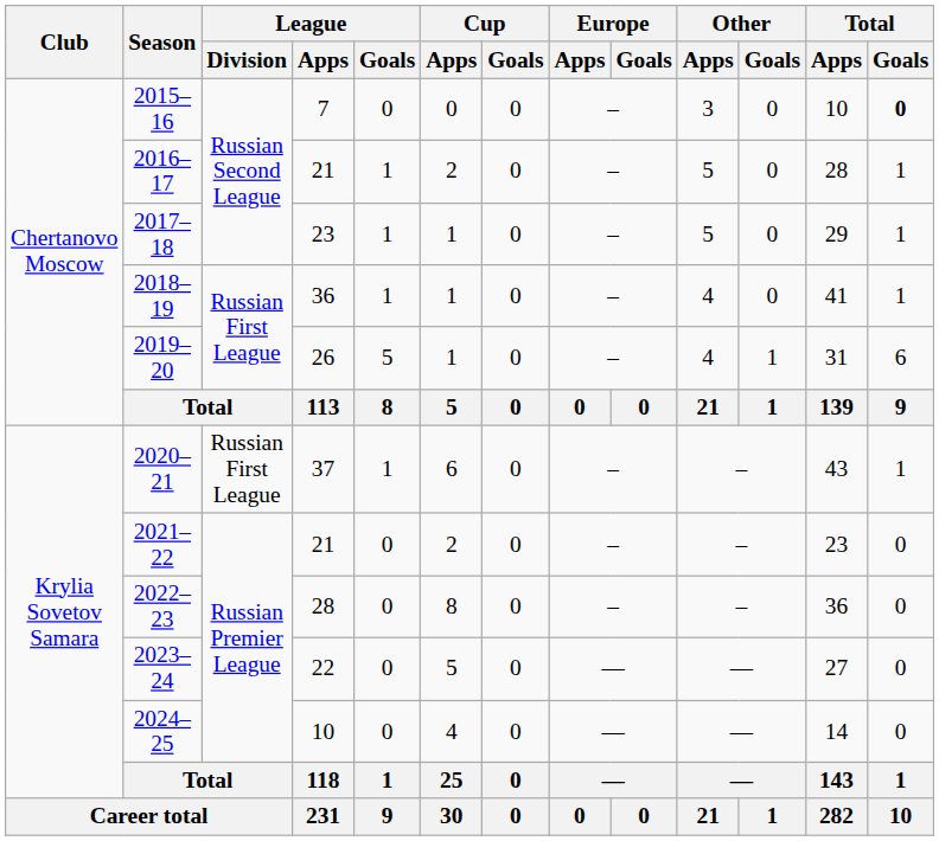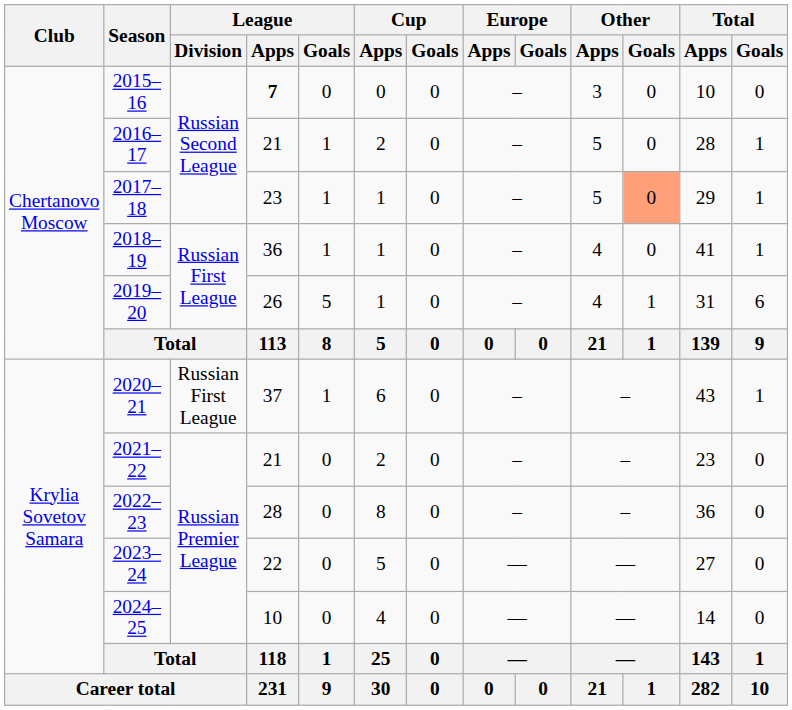 <table class="wikitable" style="text-align: center;">
 <tr>
 <th rowspan="2">Club</th>
 <th rowspan="2">Season</th>
 <th colspan="3">League</th>
 <th colspan="2">Cup</th>
 <th colspan="2">Europe</th>
 <th colspan="2">Other</th>
 <th colspan="2">Total</th>
 </tr>
 <tr>
 <th>Division</th>
 <th>Apps</th>
 <th>Goals</th>
 <th>Apps</th>
 <th>Goals</th>
 <th>Apps</th>
 <th>Goals</th>
 <th>Apps</th>
 <th>Goals</th>
 <th>Apps</th>
 <th>Goals</th>
 </tr>
 <tr>
 <td rowspan="6"><a href='#'>Chertanovo Moscow</a></td>
 <td><a href='#'>2015–16</a></td>
 <td rowspan="3"><a href='#'>Russian Second League</a></td>
-<td>7</td>
+<td><strong>7</strong></td>
 <td>0</td>
 <td>0</td>
 <td>0</td>
 <td colspan=2>–</td>
 <td>3</td>
 <td>0</td>
 <td>10</td>
-<td><strong>0</strong></td>
+<td>0</td>
 </tr>
 <tr>
 <td><a href='#'>2016–17</a></td>
 <td>21</td>
 <td>1</td>
 <td>2</td>
 <td>0</td>
 <td colspan=2>–</td>
 <td>5</td>
 <td>0</td>
 <td>28</td>
 <td>1</td>
 </tr>
 <tr>
 <td><a href='#'>2017–18</a></td>
 <td>23</td>
 <td>1</td>
 <td>1</td>
 <td>0</td>
 <td colspan=2>–</td>
 <td>5</td>
-<td>0</td>
+<td style="background: lightsalmon;">0</td>
 <td>29</td>
 <td>1</td>
 </tr>
 <tr>
 <td><a href='#'>2018–19</a></td>
 <td rowspan="2"><a href='#'>Russian First League</a></td>
 <td>36</td>
 <td>1</td>
 <td>1</td>
 <td>0</td>
 <td colspan=2>–</td>
 <td>4</td>
 <td>0</td>
 <td>41</td>
 <td>1</td>
 </tr>
 <tr>
 <td><a href='#'>2019–20</a></td>
 <td>26</td>
 <td>5</td>
 <td>1</td>
 <td>0</td>
 <td colspan=2>–</td>
 <td>4</td>
 <td>1</td>
 <td>31</td>
 <td>6</td>
 </tr>
 <tr>
 <th colspan=2>Total</th>
 <th>113</th>
 <th>8</th>
 <th>5</th>
 <th>0</th>
 <th>0</th>
 <th>0</th>
 <th>21</th>
 <th>1</th>
 <th>139</th>
 <th>9</th>
 </tr>
 <tr>
 <td rowspan="6"><a href='#'>Krylia Sovetov Samara</a></td>
 <td><a href='#'>2020–21</a></td>
 <td>Russian First League</td>
 <td>37</td>
 <td>1</td>
 <td>6</td>
 <td>0</td>
 <td colspan=2>–</td>
 <td colspan=2>–</td>
 <td>43</td>
 <td>1</td>
 </tr>
 <tr>
 <td><a href='#'>2021–22</a></td>
 <td rowspan="4"><a href='#'>Russian Premier League</a></td>
 <td>21</td>
 <td>0</td>
 <td>2</td>
 <td>0</td>
 <td colspan=2>–</td>
 <td colspan=2>–</td>
 <td>23</td>
 <td>0</td>
 </tr>
 <tr>
 <td><a href='#'>2022–23</a></td>
 <td>28</td>
 <td>0</td>
 <td>8</td>
 <td>0</td>
 <td colspan=2>–</td>
 <td colspan=2>–</td>
 <td>36</td>
 <td>0</td>
 </tr>
 <tr>
 <td><a href='#'>2023–24</a></td>
 <td>22</td>
 <td>0</td>
 <td>5</td>
 <td>0</td>
 <td colspan="2">—</td>
 <td colspan="2">—</td>
 <td>27</td>
 <td>0</td>
 </tr>
 <tr>
 <td><a href='#'>2024–25</a></td>
 <td>10</td>
 <td>0</td>
 <td>4</td>
 <td>0</td>
 <td colspan="2">—</td>
 <td colspan="2">—</td>
 <td>14</td>
 <td>0</td>
 </tr>
 <tr>
 <th colspan="2">Total</th>
 <th>118</th>
 <th>1</th>
 <th>25</th>
 <th>0</th>
 <th colspan="2">—</th>
 <th colspan="2">—</th>
 <th>143</th>
 <th>1</th>
 </tr>
 <tr>
 <th colspan="3">Career total</th>
 <th>231</th>
 <th>9</th>
 <th>30</th>
 <th>0</th>
 <th>0</th>
 <th>0</th>
 <th>21</th>
 <th>1</th>
 <th>282</th>
 <th>10</th>
 </tr>
 </table>
